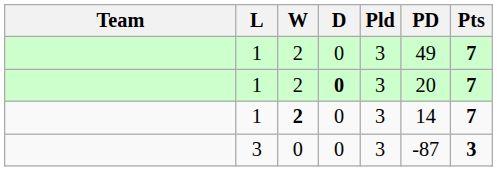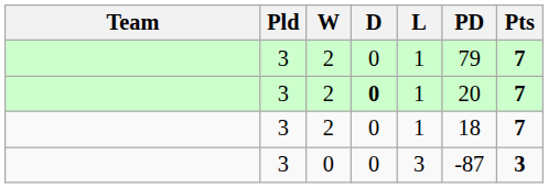 <table class="wikitable" style="text-align:center">
 <tr>
 <th width=175>Team</th>
-<th width=25 abbr="Lost">L</th>
+<th width=25 abbr="Played">Pld</th>
 <th width=25 abbr="Won">W</th>
 <th width=25 abbr="Drawn">D</th>
-<th width=25 abbr="Played">Pld</th>
+<th width=25 abbr="Lost">L</th>
 <th width=32 abbr="Points difference">PD</th>
 <th width=25 abbr="Points">Pts</th>
 </tr>
 <tr style="background:#cfc">
 <td align=left></td>
-<td>1</td>
+<td>3</td>
 <td>2</td>
 <td>0</td>
-<td>3</td>
-<td>49</td>
+<td>1</td>
+<td>79</td>
 <td><strong>7</strong></td>
 </tr>
 <tr style="background:#cfc">
 <td align=left></td>
-<td>1</td>
+<td>3</td>
 <td>2</td>
 <td><strong>0</strong></td>
-<td>3</td>
+<td>1</td>
 <td>20</td>
 <td><strong>7</strong></td>
 </tr>
 <tr>
 <td align=left></td>
+<td>3</td>
+<td>2</td>
+<td>0</td>
 <td>1</td>
-<td><strong>2</strong></td>
-<td>0</td>
-<td>3</td>
-<td>14</td>
+<td>18</td>
 <td><strong>7</strong></td>
 </tr>
 <tr>
 <td align=left></td>
 <td>3</td>
 <td>0</td>
 <td>0</td>
 <td>3</td>
 <td>-87</td>
 <td><strong>3</strong></td>
 </tr>
 </table>
